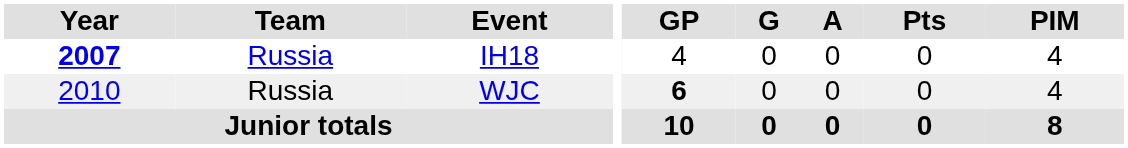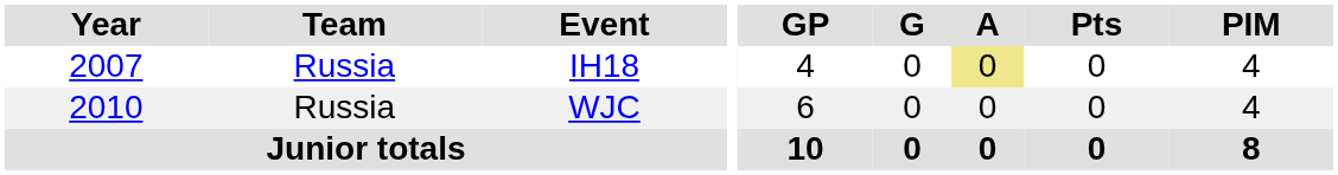 <table border="0" cellpadding="1" cellspacing="0" ID="Table3" style="text-align:center; width:40em">
 <tr bgcolor="#e0e0e0">
 <th>Year</th>
 <th>Team</th>
 <th>Event</th>
 <th rowspan="102" bgcolor="#ffffff"></th>
 <th>GP</th>
 <th>G</th>
 <th>A</th>
 <th>Pts</th>
 <th>PIM</th>
 </tr>
 <tr>
-<td><strong><a href='#'>2007</a></strong></td>
+<td><a href='#'>2007</a></td>
 <td><a href='#'>Russia</a></td>
 <td><a href='#'>IH18</a></td>
 <td>4</td>
 <td>0</td>
-<td>0</td>
+<td style="background: khaki;">0</td>
 <td>0</td>
 <td>4</td>
 </tr>
 <tr bgcolor="#f0f0f0">
 <td><a href='#'>2010</a></td>
 <td>Russia</td>
 <td><a href='#'>WJC</a></td>
-<td><strong>6</strong></td>
+<td>6</td>
 <td>0</td>
 <td>0</td>
 <td>0</td>
 <td>4</td>
 </tr>
 <tr bgcolor="#e0e0e0">
 <th colspan="3">Junior totals</th>
 <th>10</th>
 <th>0</th>
 <th>0</th>
 <th>0</th>
 <th>8</th>
 </tr>
 </table>
